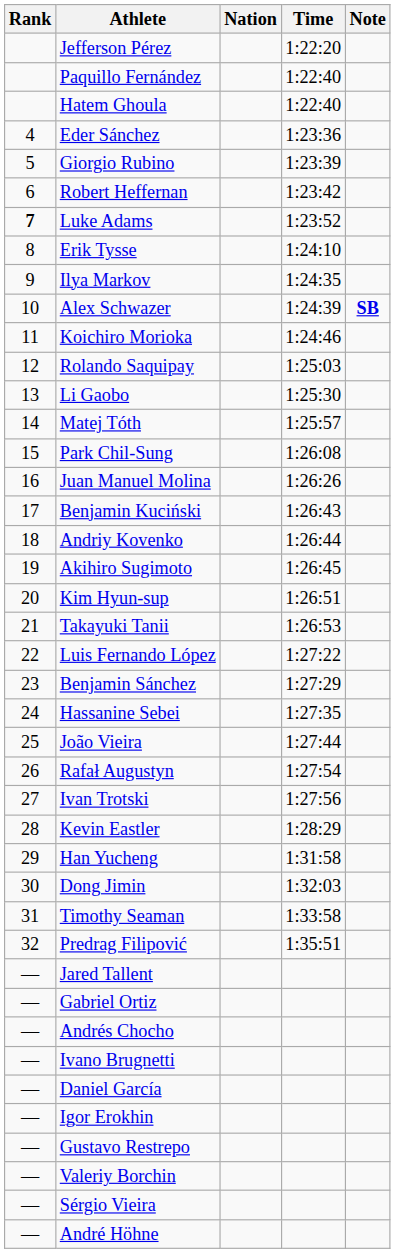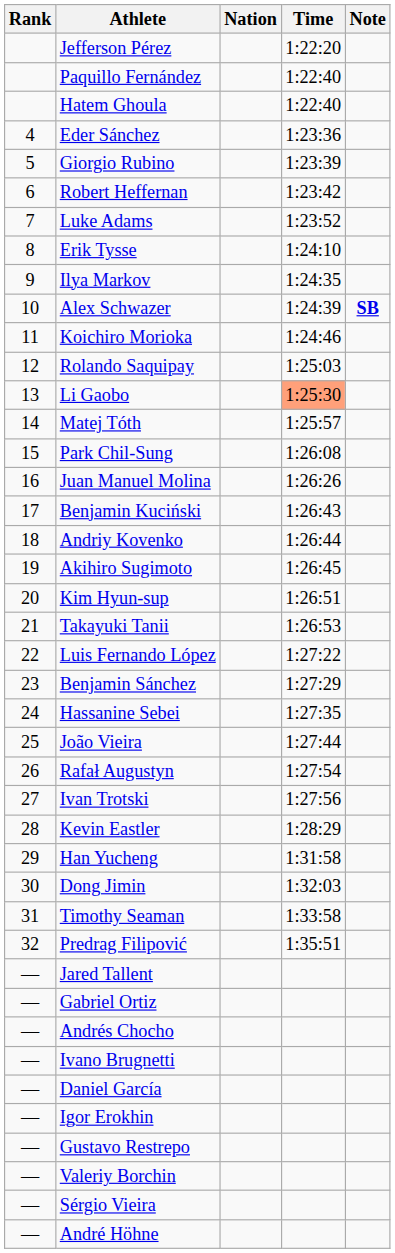 <table class="wikitable" style="text-align:center;">
 <tr>
 <th>Rank</th>
 <th>Athlete</th>
 <th>Nation</th>
 <th>Time</th>
 <th>Note</th>
 </tr>
 <tr>
 <td></td>
 <td align=left><a href='#'>Jefferson Pérez</a></td>
 <td align=left></td>
 <td>1:22:20</td>
 <td></td>
 </tr>
 <tr>
 <td></td>
 <td align=left><a href='#'>Paquillo Fernández</a></td>
 <td align=left></td>
 <td>1:22:40</td>
 <td></td>
 </tr>
 <tr>
 <td></td>
 <td align=left><a href='#'>Hatem Ghoula</a></td>
 <td align=left></td>
 <td>1:22:40</td>
 <td></td>
 </tr>
 <tr>
 <td>4</td>
 <td align=left><a href='#'>Eder Sánchez</a></td>
 <td align=left></td>
 <td>1:23:36</td>
 <td></td>
 </tr>
 <tr>
 <td>5</td>
 <td align=left><a href='#'>Giorgio Rubino</a></td>
 <td align=left></td>
 <td>1:23:39</td>
 <td> </td>
 </tr>
 <tr>
 <td>6</td>
 <td align=left><a href='#'>Robert Heffernan</a></td>
 <td align=left></td>
 <td>1:23:42</td>
 <td> </td>
 </tr>
 <tr>
-<td><strong>7</strong></td>
+<td>7</td>
 <td align=left><a href='#'>Luke Adams</a></td>
 <td align=left></td>
 <td>1:23:52</td>
 <td></td>
 </tr>
 <tr>
 <td>8</td>
 <td align=left><a href='#'>Erik Tysse</a></td>
 <td align=left></td>
 <td>1:24:10</td>
 <td></td>
 </tr>
 <tr>
 <td>9</td>
 <td align=left><a href='#'>Ilya Markov</a></td>
 <td align=left></td>
 <td>1:24:35</td>
 <td></td>
 </tr>
 <tr>
 <td>10</td>
 <td align=left><a href='#'>Alex Schwazer</a></td>
 <td align=left></td>
 <td>1:24:39</td>
 <td><strong><a href='#'>SB</a></strong></td>
 </tr>
 <tr>
 <td>11</td>
 <td align=left><a href='#'>Koichiro Morioka</a></td>
 <td align=left></td>
 <td>1:24:46</td>
 <td></td>
 </tr>
 <tr>
 <td>12</td>
 <td align=left><a href='#'>Rolando Saquipay</a></td>
 <td align=left></td>
 <td>1:25:03</td>
 <td></td>
 </tr>
 <tr>
 <td>13</td>
 <td align=left><a href='#'>Li Gaobo</a></td>
 <td align=left></td>
-<td>1:25:30</td>
+<td style="background: lightsalmon;">1:25:30</td>
 <td></td>
 </tr>
 <tr>
 <td>14</td>
 <td align=left><a href='#'>Matej Tóth</a></td>
 <td align=left></td>
 <td>1:25:57</td>
 <td></td>
 </tr>
 <tr>
 <td>15</td>
 <td align=left><a href='#'>Park Chil-Sung</a></td>
 <td align=left></td>
 <td>1:26:08</td>
 <td></td>
 </tr>
 <tr>
 <td>16</td>
 <td align=left><a href='#'>Juan Manuel Molina</a></td>
 <td align=left></td>
 <td>1:26:26</td>
 <td></td>
 </tr>
 <tr>
 <td>17</td>
 <td align=left><a href='#'>Benjamin Kuciński</a></td>
 <td align=left></td>
 <td>1:26:43</td>
 <td></td>
 </tr>
 <tr>
 <td>18</td>
 <td align=left><a href='#'>Andriy Kovenko</a></td>
 <td align=left></td>
 <td>1:26:44</td>
 <td></td>
 </tr>
 <tr>
 <td>19</td>
 <td align=left><a href='#'>Akihiro Sugimoto</a></td>
 <td align=left></td>
 <td>1:26:45</td>
 <td></td>
 </tr>
 <tr>
 <td>20</td>
 <td align=left><a href='#'>Kim Hyun-sup</a></td>
 <td align=left></td>
 <td>1:26:51</td>
 <td></td>
 </tr>
 <tr>
 <td>21</td>
 <td align=left><a href='#'>Takayuki Tanii</a></td>
 <td align=left></td>
 <td>1:26:53</td>
 <td></td>
 </tr>
 <tr>
 <td>22</td>
 <td align=left><a href='#'>Luis Fernando López</a></td>
 <td align=left></td>
 <td>1:27:22</td>
 <td></td>
 </tr>
 <tr>
 <td>23</td>
 <td align=left><a href='#'>Benjamin Sánchez</a></td>
 <td align=left></td>
 <td>1:27:29</td>
 <td></td>
 </tr>
 <tr>
 <td>24</td>
 <td align=left><a href='#'>Hassanine Sebei</a></td>
 <td align=left></td>
 <td>1:27:35</td>
 <td></td>
 </tr>
 <tr>
 <td>25</td>
 <td align=left><a href='#'>João Vieira</a></td>
 <td align=left></td>
 <td>1:27:44</td>
 <td></td>
 </tr>
 <tr>
 <td>26</td>
 <td align=left><a href='#'>Rafał Augustyn</a></td>
 <td align=left></td>
 <td>1:27:54</td>
 <td></td>
 </tr>
 <tr>
 <td>27</td>
 <td align=left><a href='#'>Ivan Trotski</a></td>
 <td align=left></td>
 <td>1:27:56</td>
 <td></td>
 </tr>
 <tr>
 <td>28</td>
 <td align=left><a href='#'>Kevin Eastler</a></td>
 <td align=left></td>
 <td>1:28:29</td>
 <td></td>
 </tr>
 <tr>
 <td>29</td>
 <td align=left><a href='#'>Han Yucheng</a></td>
 <td align=left></td>
 <td>1:31:58</td>
 <td></td>
 </tr>
 <tr>
 <td>30</td>
 <td align=left><a href='#'>Dong Jimin</a></td>
 <td align=left></td>
 <td>1:32:03</td>
 <td></td>
 </tr>
 <tr>
 <td>31</td>
 <td align=left><a href='#'>Timothy Seaman</a></td>
 <td align=left></td>
 <td>1:33:58</td>
 <td></td>
 </tr>
 <tr>
 <td>32</td>
 <td align=left><a href='#'>Predrag Filipović</a></td>
 <td align=left></td>
 <td>1:35:51</td>
 <td></td>
 </tr>
 <tr>
 <td>—</td>
 <td align=left><a href='#'>Jared Tallent</a></td>
 <td align=left></td>
 <td></td>
 <td></td>
 </tr>
 <tr>
 <td>—</td>
 <td align=left><a href='#'>Gabriel Ortiz</a></td>
 <td align=left></td>
 <td></td>
 <td></td>
 </tr>
 <tr>
 <td>—</td>
 <td align=left><a href='#'>Andrés Chocho</a></td>
 <td align=left></td>
 <td></td>
 <td></td>
 </tr>
 <tr>
 <td>—</td>
 <td align=left><a href='#'>Ivano Brugnetti</a></td>
 <td align=left></td>
 <td></td>
 <td></td>
 </tr>
 <tr>
 <td>—</td>
 <td align=left><a href='#'>Daniel García</a></td>
 <td align=left></td>
 <td></td>
 <td></td>
 </tr>
 <tr>
 <td>—</td>
 <td align=left><a href='#'>Igor Erokhin</a></td>
 <td align=left></td>
 <td></td>
 <td></td>
 </tr>
 <tr>
 <td>—</td>
 <td align=left><a href='#'>Gustavo Restrepo</a></td>
 <td align=left></td>
 <td></td>
 <td></td>
 </tr>
 <tr>
 <td>—</td>
 <td align=left><a href='#'>Valeriy Borchin</a></td>
 <td align=left></td>
 <td></td>
 <td></td>
 </tr>
 <tr>
 <td>—</td>
 <td align=left><a href='#'>Sérgio Vieira</a></td>
 <td align=left></td>
 <td></td>
 <td></td>
 </tr>
 <tr>
 <td>—</td>
 <td align=left><a href='#'>André Höhne</a></td>
 <td align=left></td>
 <td></td>
 <td></td>
 </tr>
 </table>
